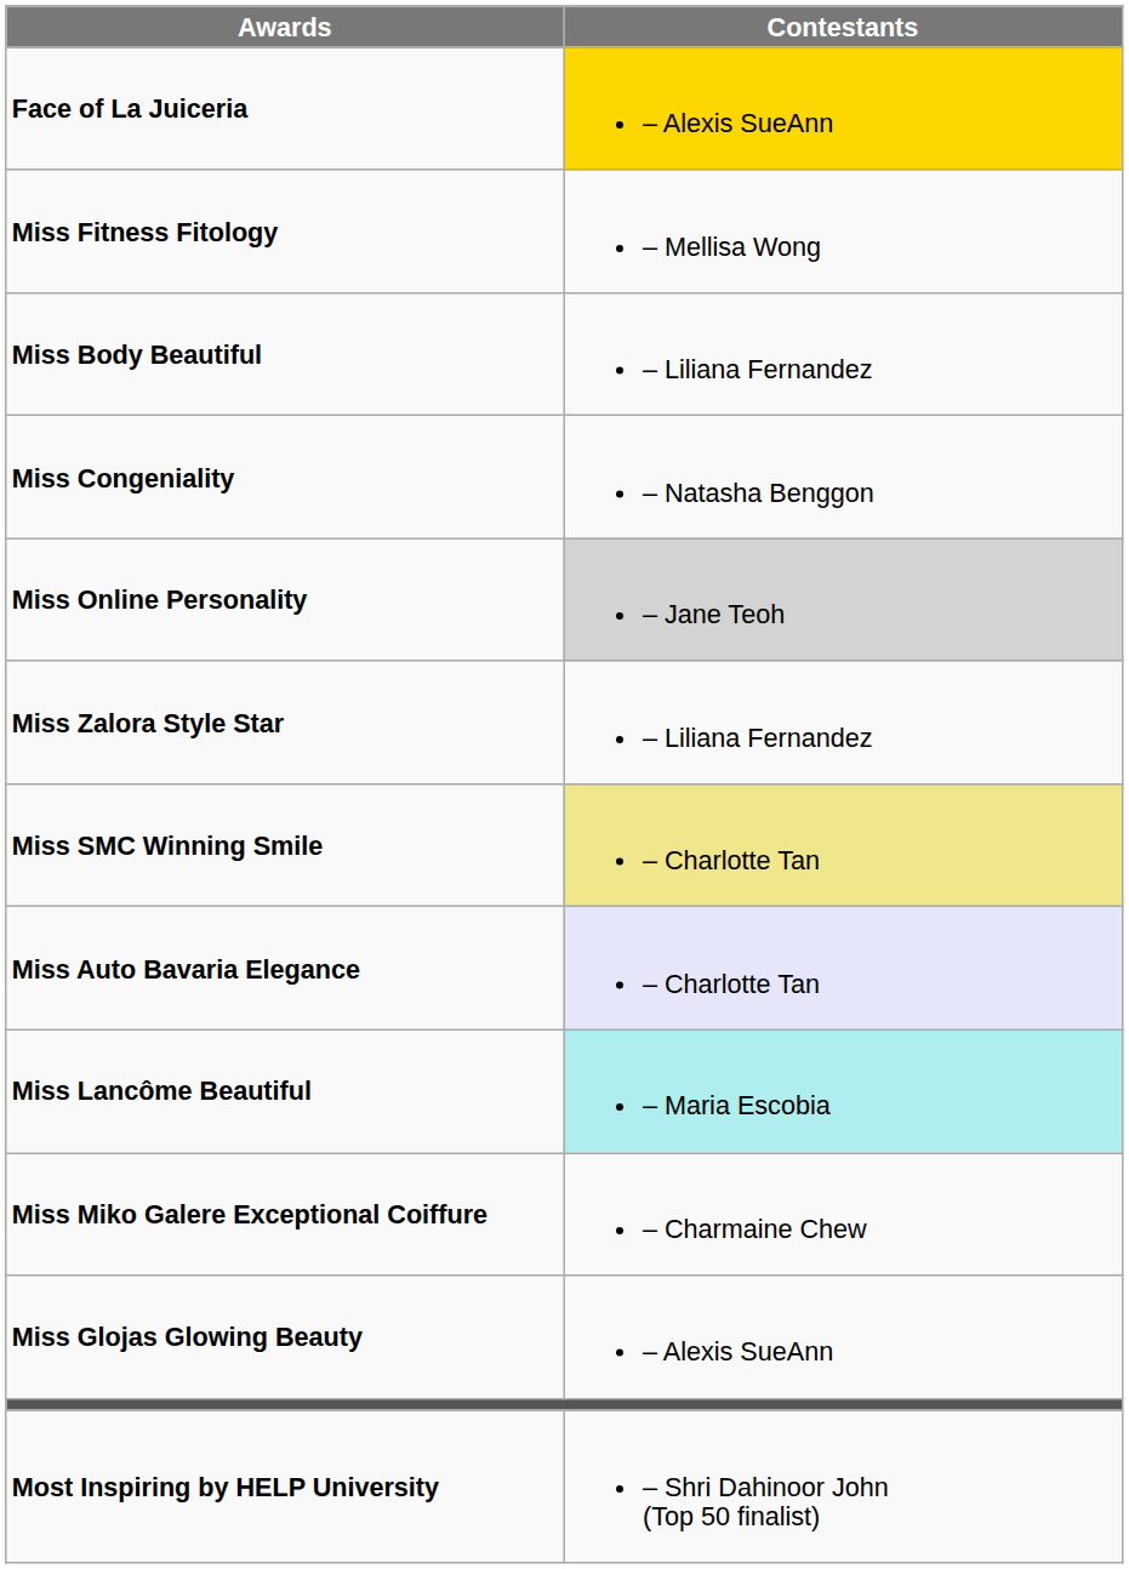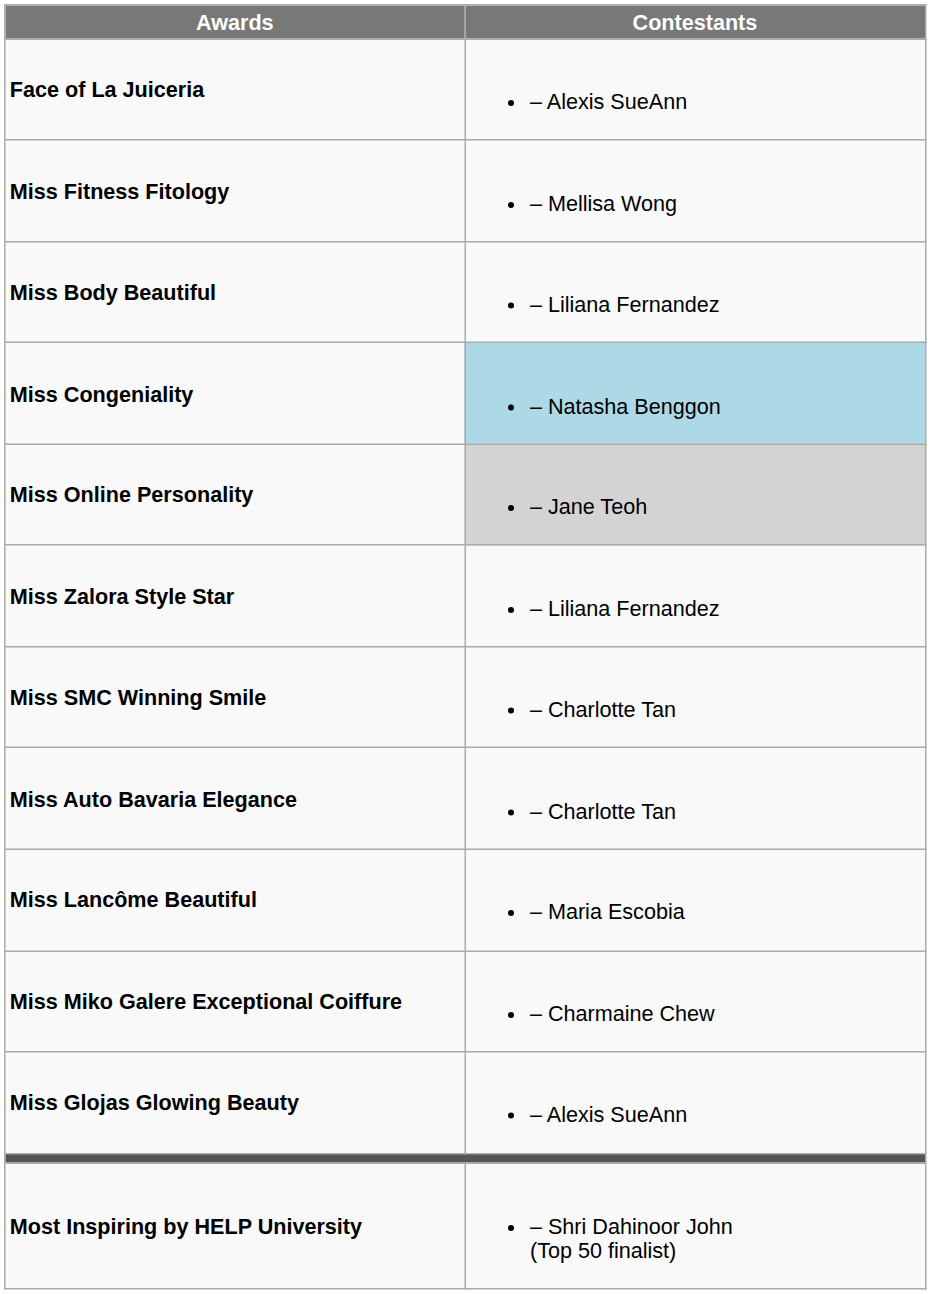 <table class="wikitable sortable" style="font-size:90%;">
 <tr>
 <th style="width:300px;background-color:#787878;color:#FFFFFF;">Awards</th>
 <th style="width:300px;background-color:#787878;color:#FFFFFF;">Contestants</th>
 </tr>
 <tr>
 <td><strong>Face of La Juiceria</strong></td>
-<td style="background: gold;"><br><ul><li><strong></strong> – Alexis SueAnn</li></ul></td>
+<td><br><ul><li><strong></strong> – Alexis SueAnn</li></ul></td>
 </tr>
 <tr>
 <td><strong>Miss Fitness Fitology</strong></td>
 <td><br><ul><li><strong></strong> – Mellisa Wong</li></ul></td>
 </tr>
 <tr>
 <td><strong>Miss Body Beautiful</strong></td>
 <td><br><ul><li><strong></strong> – Liliana Fernandez</li></ul></td>
 </tr>
 <tr>
 <td><strong>Miss Congeniality</strong></td>
-<td><br><ul><li><strong></strong> – Natasha Benggon</li></ul></td>
+<td style="background: lightblue;"><br><ul><li><strong></strong> – Natasha Benggon</li></ul></td>
 </tr>
 <tr>
 <td><strong>Miss Online Personality</strong></td>
 <td style="background: lightgrey;"><br><ul><li><strong></strong> – Jane Teoh</li></ul></td>
 </tr>
 <tr>
 <td><strong>Miss Zalora Style Star</strong></td>
 <td><br><ul><li><strong></strong> – Liliana Fernandez</li></ul></td>
 </tr>
 <tr>
 <td><strong>Miss SMC Winning Smile</strong></td>
-<td style="background: khaki;"><br><ul><li><strong></strong> – Charlotte Tan</li></ul></td>
+<td><br><ul><li><strong></strong> – Charlotte Tan</li></ul></td>
 </tr>
 <tr>
 <td><strong>Miss Auto Bavaria Elegance</strong></td>
-<td style="background: lavender;"><br><ul><li><strong></strong> – Charlotte Tan</li></ul></td>
+<td><br><ul><li><strong></strong> – Charlotte Tan</li></ul></td>
 </tr>
 <tr>
 <td><strong>Miss Lancôme Beautiful</strong></td>
-<td style="background: paleturquoise;"><br><ul><li><strong></strong> – Maria Escobia</li></ul></td>
+<td><br><ul><li><strong></strong> – Maria Escobia</li></ul></td>
 </tr>
 <tr>
 <td><strong>Miss Miko Galere Exceptional Coiffure</strong></td>
 <td><br><ul><li><strong></strong> – Charmaine Chew</li></ul></td>
 </tr>
 <tr>
 <td><strong>Miss Glojas Glowing Beauty</strong></td>
 <td><br><ul><li><strong></strong> – Alexis SueAnn</li></ul></td>
 </tr>
 <tr style="background:#555;">
 <td colspan="5"></td>
 </tr>
 <tr>
 <td><strong>Most Inspiring by HELP University</strong></td>
 <td><br><ul><li><strong></strong> – Shri Dahinoor John<br>(Top 50 finalist)</li></ul></td>
 </tr>
 </table>
